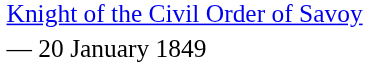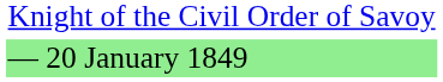 <table>
 <tr>
 <td rowspan=2 style="width:60px; vertical-align:top;"></td>
 <td><a href='#'>Knight of the Civil Order of Savoy</a></td>
 </tr>
 <tr>
-<td>— 20 January 1849</td>
+<td style="background: lightgreen;">— 20 January 1849</td>
 </tr>
 </table>
